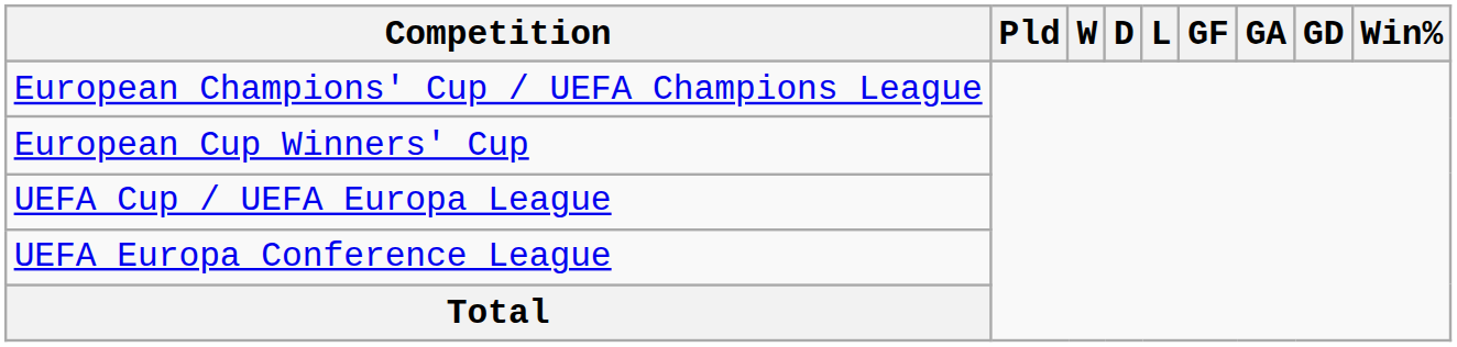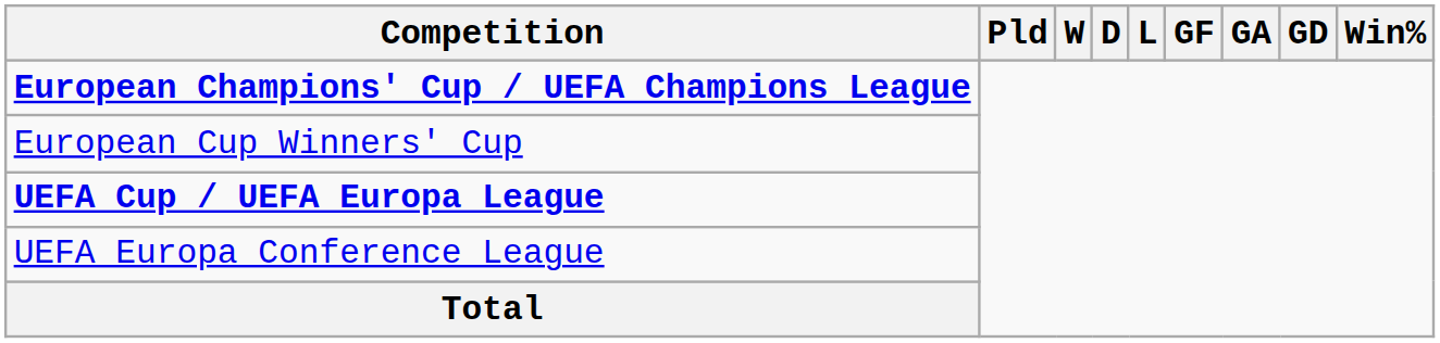 <table class="wikitable plainrowheaders" style="text-align:center">
 <tr>
 <th scope="col">Competition</th>
 <th scope="col">Pld</th>
 <th scope="col">W</th>
 <th scope="col">D</th>
 <th scope="col">L</th>
 <th scope="col">GF</th>
 <th scope="col">GA</th>
 <th scope="col">GD</th>
 <th scope="col">Win%</th>
 </tr>
 <tr>
-<td align=left><a href='#'>European Champions' Cup / UEFA Champions League</a><br></td>
+<td align=left><strong><a href='#'>European Champions' Cup / UEFA Champions League</a><br></strong></td>
 </tr>
 <tr>
 <td align=left><a href='#'>European Cup Winners' Cup</a><br></td>
 </tr>
 <tr>
-<td align=left><a href='#'>UEFA Cup / UEFA Europa League</a><br></td>
+<td align=left><strong><a href='#'>UEFA Cup / UEFA Europa League</a><br></strong></td>
 </tr>
 <tr>
 <td align=left><a href='#'>UEFA Europa Conference League</a><br></td>
 </tr>
 <tr>
 <th>Total<br></th>
 </tr>
 </table>
